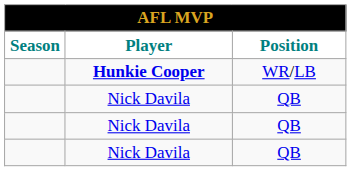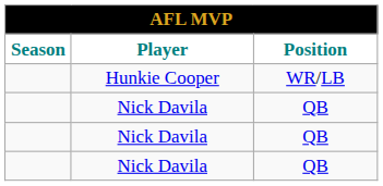 <table class="wikitable sortable" style="text-align:center">
 <tr>
 <td colspan="4" style="background:#000; color:#DAA520;"><strong>AFL MVP</strong></td>
 </tr>
 <tr>
 <th style="width:50px; background:white; color:teal;">Season</th>
 <th style="width:150px; background:white; color:teal;">Player</th>
 <th style="width:100px; background:white; color:teal;">Position</th>
 </tr>
 <tr>
 <td></td>
-<td><strong><a href='#'>Hunkie Cooper</a></strong></td>
+<td><a href='#'>Hunkie Cooper</a></td>
 <td><a href='#'>WR</a>/<a href='#'>LB</a></td>
 </tr>
 <tr>
 <td></td>
 <td><a href='#'>Nick Davila</a></td>
 <td><a href='#'>QB</a></td>
 </tr>
 <tr>
 <td></td>
 <td><a href='#'>Nick Davila</a></td>
 <td><a href='#'>QB</a></td>
 </tr>
 <tr>
 <td></td>
 <td><a href='#'>Nick Davila</a></td>
 <td><a href='#'>QB</a></td>
 </tr>
 </table>
